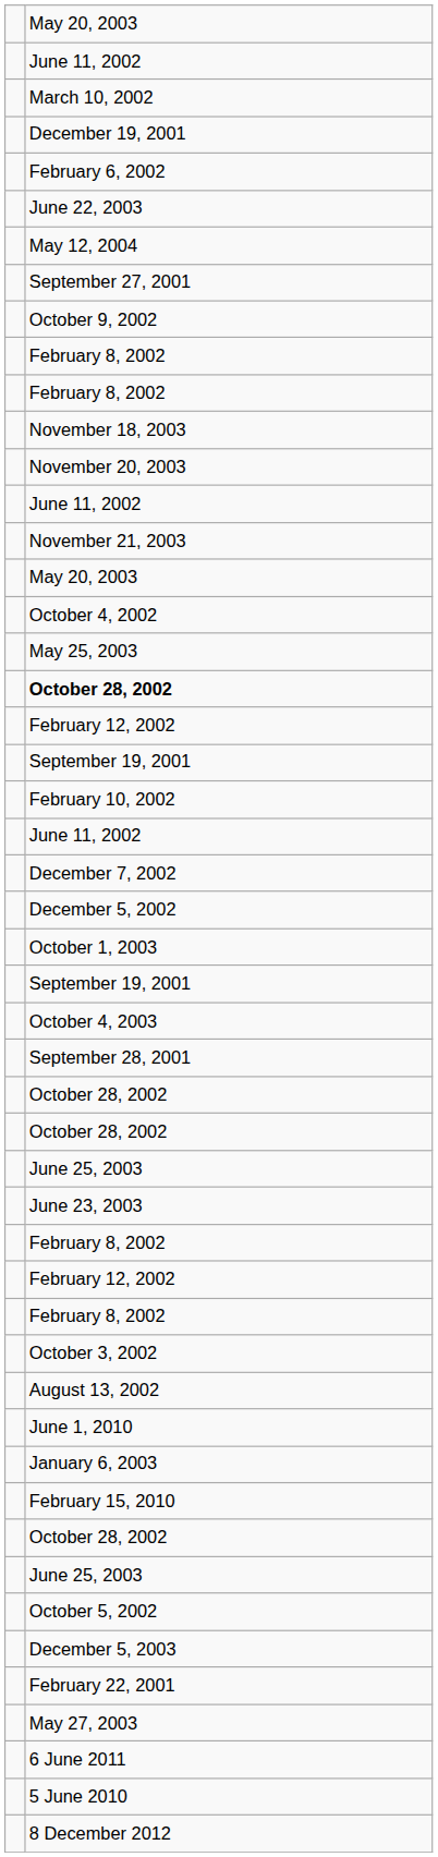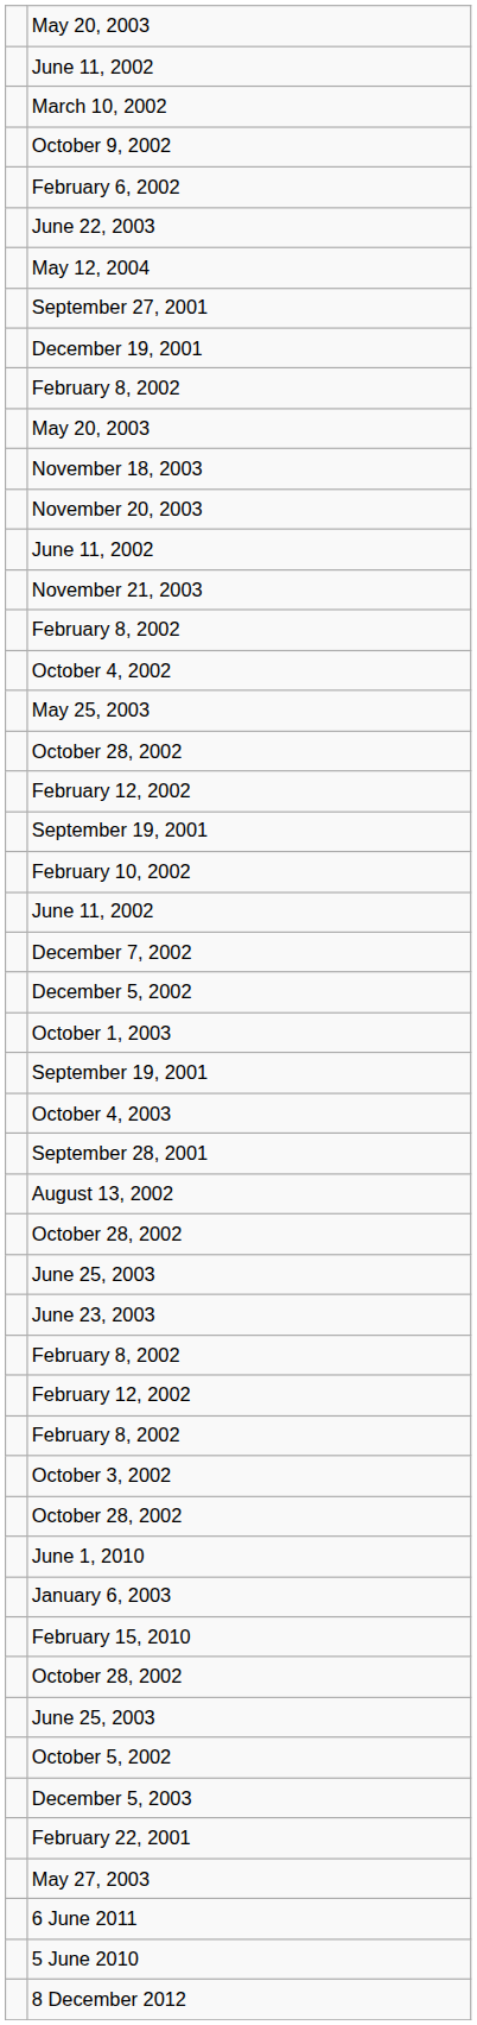 <table class="wikitable" style="font-size: 89%; float: left; width: 24em; margin-right: 1em; line-height: 1.6em !important;  height: 1250px;">
 <tr>
 <td></td>
 <td>May 20, 2003</td>
 </tr>
 <tr>
 <td></td>
 <td>June 11, 2002</td>
 </tr>
 <tr>
 <td></td>
 <td>March 10, 2002</td>
 </tr>
 <tr>
 <td></td>
-<td>December 19, 2001</td>
+<td>October 9, 2002</td>
 </tr>
 <tr>
 <td></td>
 <td>February 6, 2002</td>
 </tr>
 <tr>
 <td></td>
 <td>June 22, 2003</td>
 </tr>
 <tr>
 <td></td>
 <td>May 12, 2004</td>
 </tr>
 <tr>
 <td></td>
 <td>September 27, 2001</td>
 </tr>
 <tr>
 <td></td>
-<td>October 9, 2002</td>
+<td>December 19, 2001</td>
 </tr>
 <tr>
 <td></td>
 <td>February 8, 2002</td>
 </tr>
 <tr>
 <td></td>
-<td>February 8, 2002</td>
+<td>May 20, 2003</td>
 </tr>
 <tr>
 <td></td>
 <td>November 18, 2003</td>
 </tr>
 <tr>
 <td></td>
 <td>November 20, 2003</td>
 </tr>
 <tr>
 <td></td>
 <td>June 11, 2002</td>
 </tr>
 <tr>
 <td></td>
 <td>November 21, 2003</td>
 </tr>
 <tr>
 <td></td>
-<td>May 20, 2003</td>
+<td>February 8, 2002</td>
 </tr>
 <tr>
 <td></td>
 <td>October 4, 2002</td>
 </tr>
 <tr>
 <td></td>
 <td>May 25, 2003</td>
 </tr>
 <tr>
 <td></td>
-<td><strong>October 28, 2002</strong></td>
+<td>October 28, 2002</td>
 </tr>
 <tr>
 <td></td>
 <td>February 12, 2002</td>
 </tr>
 <tr>
 <td></td>
 <td>September 19, 2001</td>
 </tr>
 <tr>
 <td></td>
 <td>February 10, 2002</td>
 </tr>
 <tr>
 <td></td>
 <td>June 11, 2002</td>
 </tr>
 <tr>
 <td></td>
 <td>December 7, 2002</td>
 </tr>
 <tr>
 <td></td>
 <td>December 5, 2002</td>
 </tr>
 <tr>
 <td></td>
 <td>October 1, 2003</td>
 </tr>
 <tr>
 <td></td>
 <td>September 19, 2001</td>
 </tr>
 <tr>
 <td></td>
 <td>October 4, 2003</td>
 </tr>
 <tr>
 <td></td>
 <td>September 28, 2001</td>
 </tr>
 <tr>
 <td></td>
-<td>October 28, 2002</td>
+<td>August 13, 2002</td>
 </tr>
 <tr>
 <td></td>
 <td>October 28, 2002</td>
 </tr>
 <tr>
 <td></td>
 <td>June 25, 2003</td>
 </tr>
 <tr>
 <td></td>
 <td>June 23, 2003</td>
 </tr>
 <tr>
 <td></td>
 <td>February 8, 2002</td>
 </tr>
 <tr>
 <td></td>
 <td>February 12, 2002</td>
 </tr>
 <tr>
 <td></td>
 <td>February 8, 2002</td>
 </tr>
 <tr>
 <td></td>
 <td>October 3, 2002</td>
 </tr>
 <tr>
 <td></td>
-<td>August 13, 2002</td>
+<td>October 28, 2002</td>
 </tr>
 <tr>
 <td></td>
 <td>June 1, 2010</td>
 </tr>
 <tr>
 <td></td>
 <td>January 6, 2003</td>
 </tr>
 <tr>
 <td></td>
 <td>February 15, 2010</td>
 </tr>
 <tr>
 <td></td>
 <td>October 28, 2002</td>
 </tr>
 <tr>
 <td></td>
 <td>June 25, 2003</td>
 </tr>
 <tr>
 <td></td>
 <td>October 5, 2002</td>
 </tr>
 <tr>
 <td></td>
 <td>December 5, 2003</td>
 </tr>
 <tr>
 <td></td>
 <td>February 22, 2001</td>
 </tr>
 <tr>
 <td></td>
 <td>May 27, 2003</td>
 </tr>
 <tr>
 <td></td>
 <td>6 June 2011</td>
 </tr>
 <tr>
 <td></td>
 <td>5 June 2010</td>
 </tr>
 <tr>
 <td></td>
 <td>8 December 2012</td>
 </tr>
 </table>
